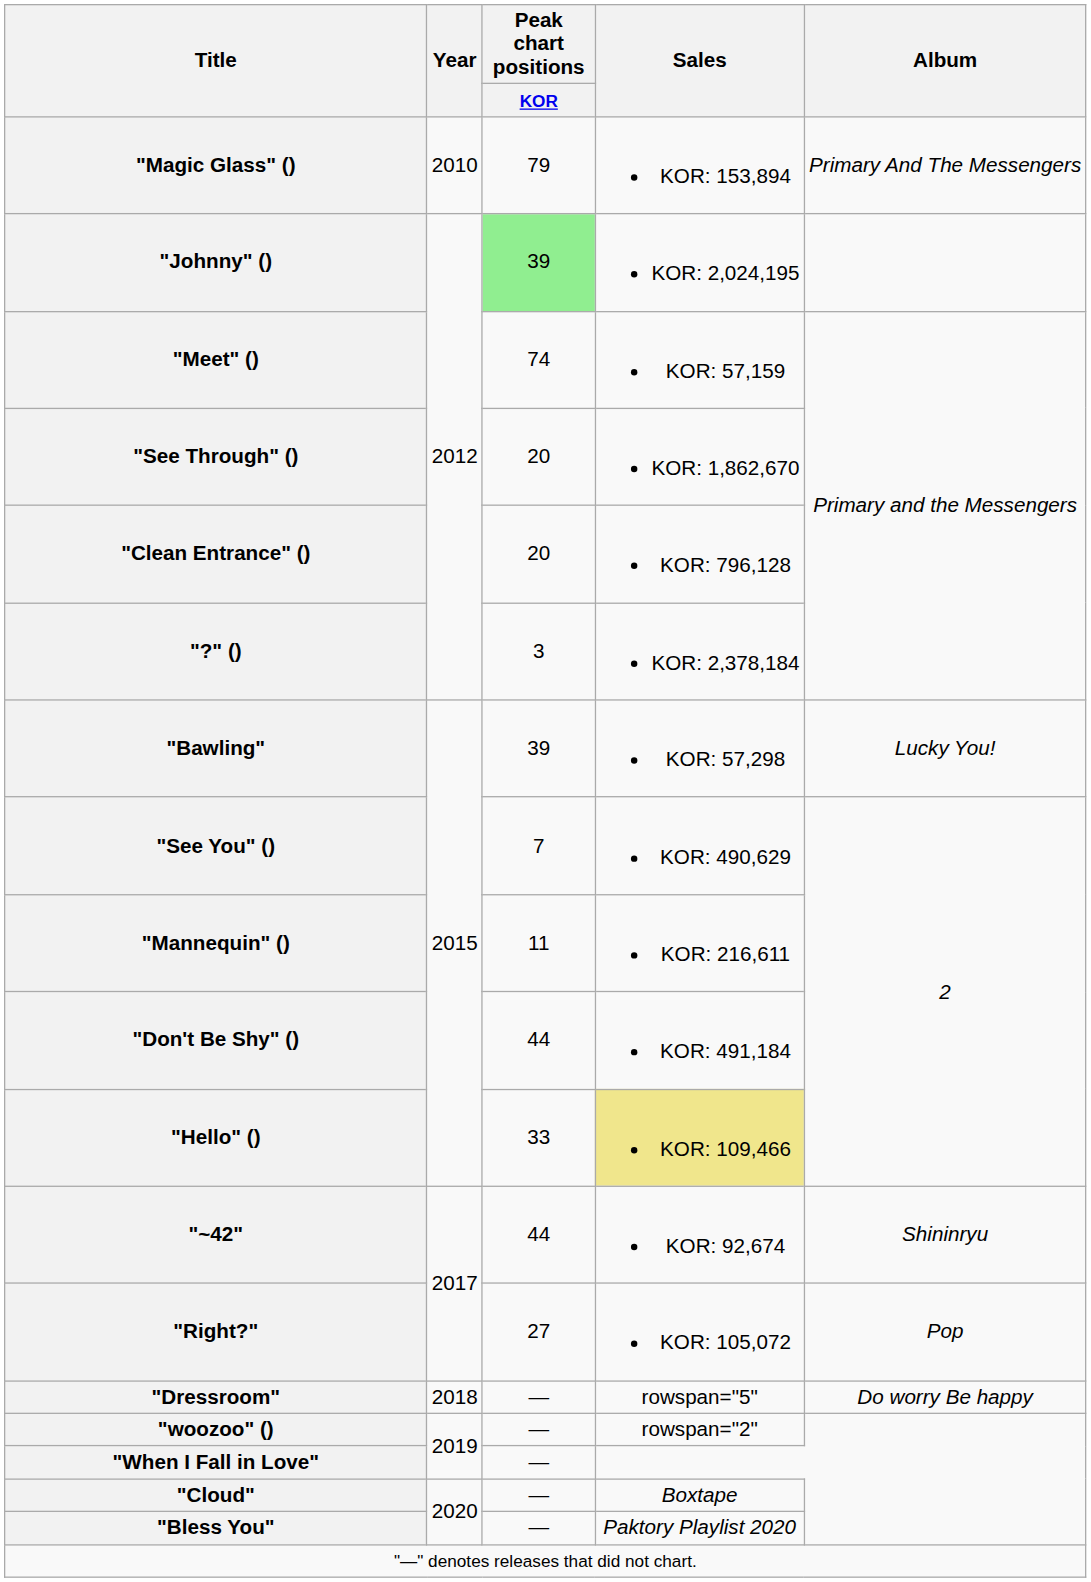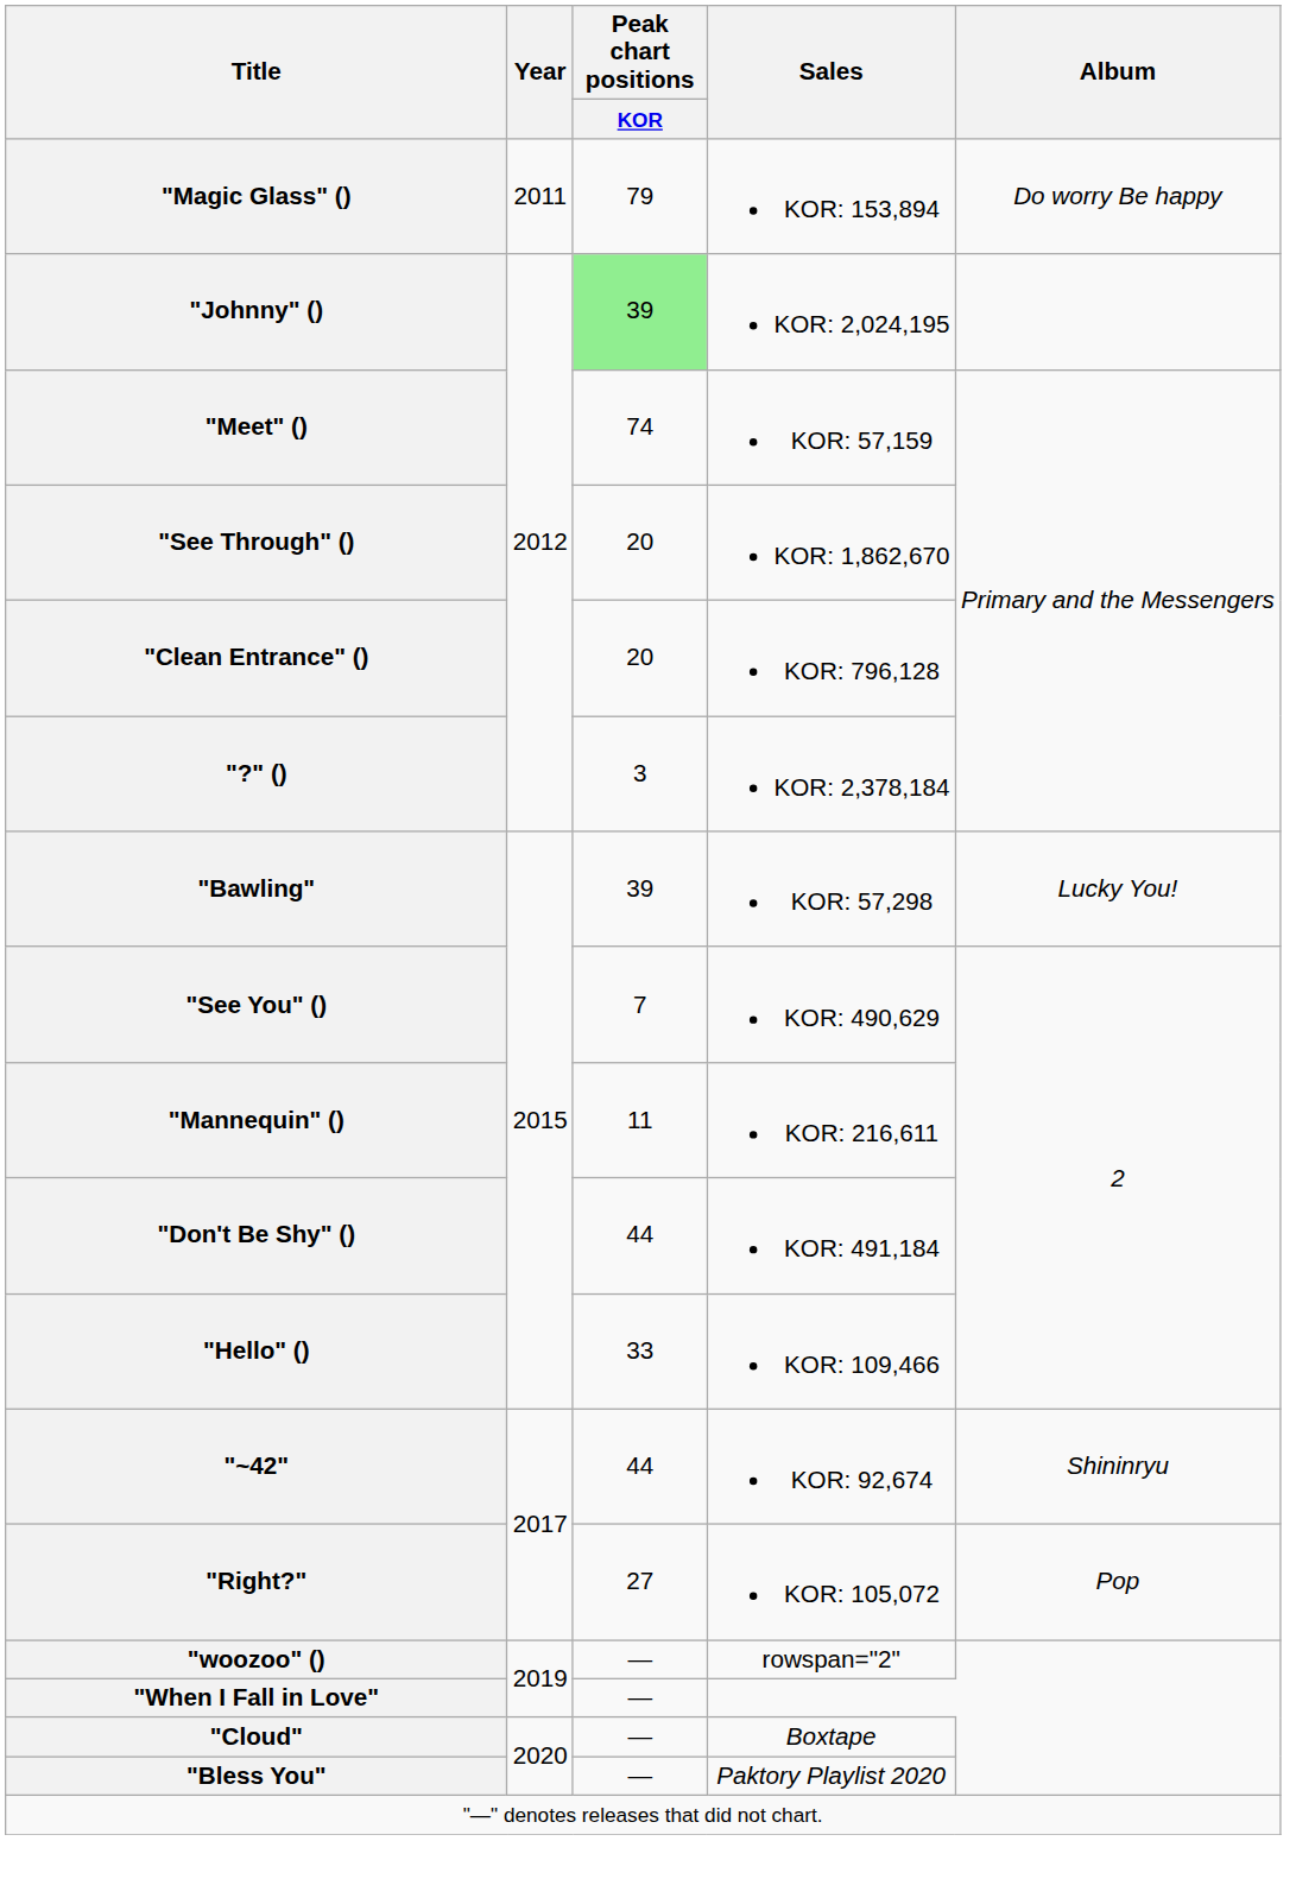 <table class="wikitable plainrowheaders" style="text-align:center;">
 <tr>
 <th scope="col" rowspan="2" style="width:20em;">Title</th>
 <th scope="col" rowspan="2">Year</th>
 <th scope="col" colspan="1" style="width:5em;">Peak chart positions</th>
 <th scope="col" rowspan="2">Sales</th>
 <th scope="col" rowspan="2">Album</th>
 </tr>
 <tr>
 <th><small><a href='#'>KOR</a></small><br></th>
 </tr>
 <tr>
 <th scope="row">"Magic Glass" ()<br></th>
-<td>2010</td>
+<td>2011</td>
 <td>79</td>
 <td><br><ul><li>KOR: 153,894</li></ul></td>
-<td><em>Primary And The Messengers</em></td>
+<td><em>Do worry Be happy</em></td>
 </tr>
 <tr>
 <th scope="row">"Johnny" ()<br></th>
 <td rowspan="5">2012</td>
 <td style="background: lightgreen;">39</td>
 <td><br><ul><li>KOR: 2,024,195</li></ul></td>
 <td></td>
 </tr>
 <tr>
 <th scope="row">"Meet" ()<br></th>
 <td>74</td>
 <td><br><ul><li>KOR: 57,159</li></ul></td>
 <td rowspan="4"><em>Primary and the Messengers</em></td>
 </tr>
 <tr>
 <th scope="row">"See Through" ()<br></th>
 <td>20</td>
 <td><br><ul><li>KOR: 1,862,670</li></ul></td>
 </tr>
 <tr>
 <th scope="row">"Clean Entrance" ()<br></th>
 <td>20</td>
 <td><br><ul><li>KOR: 796,128</li></ul></td>
 </tr>
 <tr>
 <th scope="row">"?" ()<br></th>
 <td>3</td>
 <td><br><ul><li>KOR: 2,378,184</li></ul></td>
 </tr>
 <tr>
 <th scope="row">"Bawling" <br></th>
 <td rowspan="5">2015</td>
 <td>39</td>
 <td><br><ul><li>KOR: 57,298</li></ul></td>
 <td><em>Lucky You!</em></td>
 </tr>
 <tr>
 <th scope="row">"See You" ()<br></th>
 <td>7</td>
 <td><br><ul><li>KOR: 490,629</li></ul></td>
 <td rowspan="4"><em>2</em></td>
 </tr>
 <tr>
 <th scope="row">"Mannequin" ()<br></th>
 <td>11</td>
 <td><br><ul><li>KOR: 216,611</li></ul></td>
 </tr>
 <tr>
 <th scope="row">"Don't Be Shy" ()<br></th>
 <td>44</td>
 <td><br><ul><li>KOR: 491,184</li></ul></td>
 </tr>
 <tr>
 <th scope="row">"Hello" ()<br></th>
 <td>33</td>
-<td style="background: khaki;"><br><ul><li>KOR: 109,466</li></ul></td>
+<td><br><ul><li>KOR: 109,466</li></ul></td>
 </tr>
 <tr>
 <th scope="row">"~42"<br></th>
 <td rowspan="2">2017</td>
 <td>44</td>
 <td><br><ul><li>KOR: 92,674</li></ul></td>
 <td><em>Shininryu</em></td>
 </tr>
 <tr>
 <th scope="row">"Right?"<br></th>
 <td>27</td>
 <td><br><ul><li>KOR: 105,072</li></ul></td>
 <td><em>Pop</em></td>
-</tr>
-<tr>
-<th scope="row">"Dressroom"<br></th>
-<td rowspan="1">2018</td>
-<td>—</td>
-<td>rowspan="5" </td>
-<td><em>Do worry Be happy</em></td>
 </tr>
 <tr>
 <th scope="row">"woozoo" ()<br></th>
 <td rowspan="2">2019</td>
 <td>—</td>
 <td>rowspan="2" </td>
 </tr>
 <tr>
 <th scope="row">"When I Fall in Love"<br></th>
 <td>—</td>
 </tr>
 <tr>
 <th scope="row">"Cloud"<br></th>
 <td rowspan="2">2020</td>
 <td>—</td>
 <td><em>Boxtape</em></td>
 </tr>
 <tr>
 <th scope="row">"Bless You"<br></th>
 <td>—</td>
 <td><em>Paktory Playlist 2020</em></td>
 </tr>
 <tr>
 <td colspan="5" align="center"><small>"—" denotes releases that did not chart.</small></td>
 </tr>
 </table>
